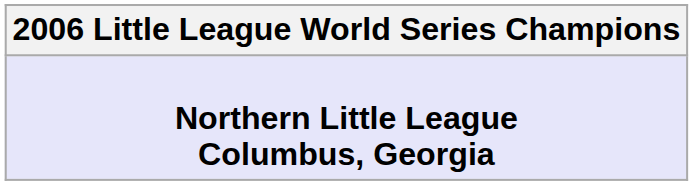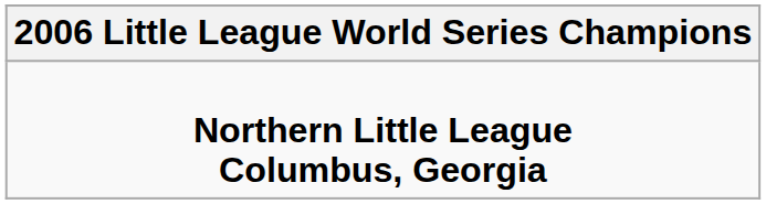 <table class="wikitable" style="text-align: center; margin: 0 auto;">
 <tr>
 <th>2006 Little League World Series Champions</th>
 </tr>
 <tr>
-<td style="background: lavender;"> <br><strong>Northern Little League</strong><br><strong>Columbus, Georgia</strong></td>
+<td> <br><strong>Northern Little League</strong><br><strong>Columbus, Georgia</strong></td>
 </tr>
 </table>
